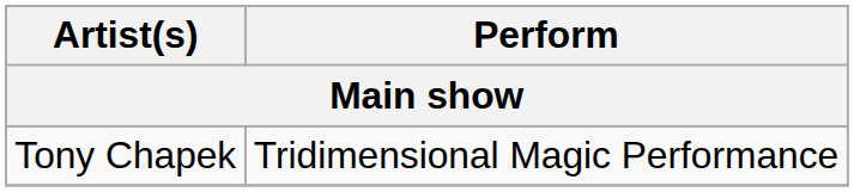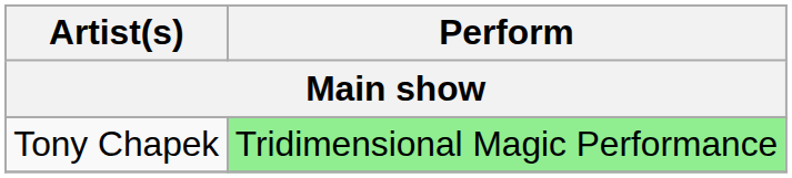 <table class="wikitable">
 <tr>
 <th>Artist(s)</th>
 <th>Perform</th>
 </tr>
 <tr>
 <th colspan= "2">Main show</th>
 </tr>
 <tr>
 <td>Tony Chapek</td>
-<td>Tridimensional Magic Performance</td>
+<td style="background: lightgreen;">Tridimensional Magic Performance</td>
 </tr>
 <tr>
 </tr>
 </table>
